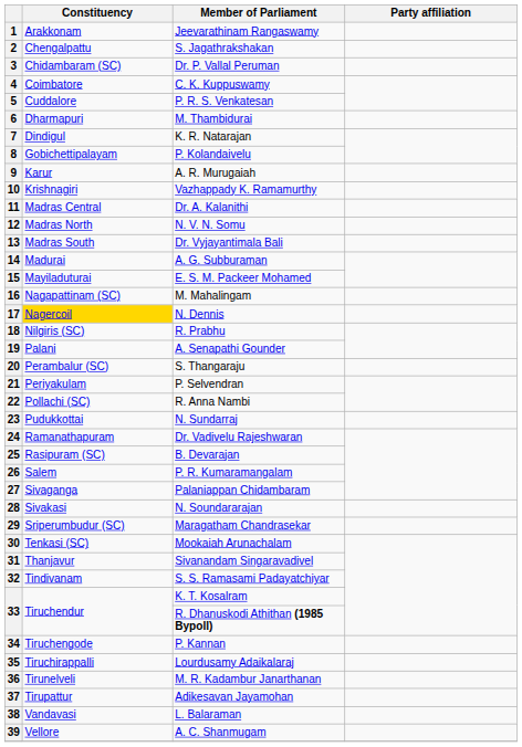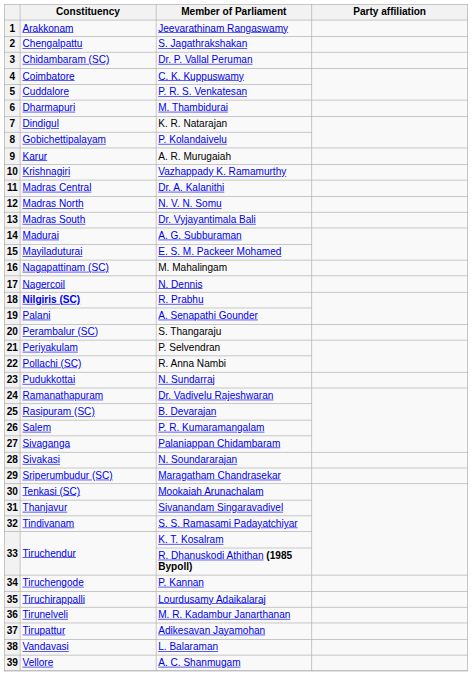 <table class="wikitable sortable">
 <tr style="text-align:center;">
 <th></th>
 <th style="width:13em">Constituency</th>
 <th style="width:15em">Member of Parliament</th>
 <th colspan="2" style="width:15em">Party affiliation</th>
 </tr>
 <tr>
 <th>1</th>
 <td><a href='#'>Arakkonam</a></td>
 <td><a href='#'>Jeevarathinam Rangaswamy</a></td>
 <td></td>
 </tr>
 <tr>
 <th>2</th>
 <td><a href='#'>Chengalpattu</a></td>
 <td><a href='#'>S. Jagathrakshakan</a></td>
 <td></td>
 </tr>
 <tr>
 <th>3</th>
 <td><a href='#'>Chidambaram (SC)</a></td>
 <td><a href='#'>Dr. P. Vallal Peruman</a></td>
 <td></td>
 </tr>
 <tr>
 <th>4</th>
 <td><a href='#'>Coimbatore</a></td>
 <td><a href='#'>C. K. Kuppuswamy</a></td>
 </tr>
 <tr>
 <th>5</th>
 <td><a href='#'>Cuddalore</a></td>
 <td><a href='#'>P. R. S. Venkatesan</a></td>
 </tr>
 <tr>
 <th>6</th>
 <td><a href='#'>Dharmapuri</a></td>
 <td><a href='#'>M. Thambidurai</a></td>
 <td></td>
 </tr>
 <tr>
 <th>7</th>
 <td><a href='#'>Dindigul</a></td>
 <td>K. R. Natarajan</td>
 </tr>
 <tr>
 <th>8</th>
 <td><a href='#'>Gobichettipalayam</a></td>
 <td><a href='#'>P. Kolandaivelu</a></td>
 </tr>
 <tr>
 <th>9</th>
 <td><a href='#'>Karur</a></td>
 <td>A. R. Murugaiah</td>
 <td></td>
 </tr>
 <tr>
 <th>10</th>
 <td><a href='#'>Krishnagiri</a></td>
 <td><a href='#'>Vazhappady K. Ramamurthy</a></td>
 </tr>
 <tr>
 <th>11</th>
 <td><a href='#'>Madras Central</a></td>
 <td><a href='#'>Dr. A. Kalanithi</a></td>
 <td></td>
 </tr>
 <tr>
 <th>12</th>
 <td><a href='#'>Madras North</a></td>
 <td><a href='#'>N. V. N. Somu</a></td>
 </tr>
 <tr>
 <th>13</th>
 <td><a href='#'>Madras South</a></td>
 <td><a href='#'>Dr. Vyjayantimala Bali</a></td>
 <td></td>
 </tr>
 <tr>
 <th>14</th>
 <td><a href='#'>Madurai</a></td>
 <td><a href='#'>A. G. Subburaman</a></td>
 </tr>
 <tr>
 <th>15</th>
 <td><a href='#'>Mayiladuturai</a></td>
 <td><a href='#'>E. S. M. Packeer Mohamed</a></td>
 </tr>
 <tr>
 <th>16</th>
 <td><a href='#'>Nagapattinam (SC)</a></td>
 <td>M. Mahalingam</td>
 <td></td>
 </tr>
 <tr>
 <th>17</th>
-<td style="background: gold;"><a href='#'>Nagercoil</a></td>
+<td><a href='#'>Nagercoil</a></td>
 <td><a href='#'>N. Dennis</a></td>
 <td></td>
 </tr>
 <tr>
 <th>18</th>
-<td><a href='#'>Nilgiris (SC)</a></td>
+<td><strong><a href='#'>Nilgiris (SC)</a></strong></td>
 <td><a href='#'>R. Prabhu</a></td>
 </tr>
 <tr>
 <th>19</th>
 <td><a href='#'>Palani</a></td>
 <td><a href='#'>A. Senapathi Gounder</a></td>
 </tr>
 <tr>
 <th>20</th>
 <td><a href='#'>Perambalur (SC)</a></td>
 <td>S. Thangaraju</td>
 <td></td>
 </tr>
 <tr>
 <th>21</th>
 <td><a href='#'>Periyakulam</a></td>
 <td>P. Selvendran</td>
 </tr>
 <tr>
 <th>22</th>
 <td><a href='#'>Pollachi (SC)</a></td>
 <td>R. Anna Nambi</td>
 </tr>
 <tr>
 <th>23</th>
 <td><a href='#'>Pudukkottai</a></td>
 <td><a href='#'>N. Sundarraj</a></td>
 <td></td>
 </tr>
 <tr>
 <th>24</th>
 <td><a href='#'>Ramanathapuram</a></td>
 <td><a href='#'>Dr. Vadivelu Rajeshwaran</a></td>
 </tr>
 <tr>
 <th>25</th>
 <td><a href='#'>Rasipuram (SC)</a></td>
 <td><a href='#'>B. Devarajan</a></td>
 </tr>
 <tr>
 <th>26</th>
 <td><a href='#'>Salem</a></td>
 <td><a href='#'>P. R. Kumaramangalam</a></td>
 </tr>
 <tr>
 <th>27</th>
 <td><a href='#'>Sivaganga</a></td>
 <td><a href='#'>Palaniappan Chidambaram</a></td>
 </tr>
 <tr>
 <th>28</th>
 <td><a href='#'>Sivakasi</a></td>
 <td><a href='#'>N. Soundararajan</a></td>
 <td></td>
 </tr>
 <tr>
 <th>29</th>
 <td><a href='#'>Sriperumbudur (SC)</a></td>
 <td><a href='#'>Maragatham Chandrasekar</a></td>
 <td></td>
 </tr>
 <tr>
 <th>30</th>
 <td><a href='#'>Tenkasi (SC)</a></td>
 <td><a href='#'>Mookaiah Arunachalam</a></td>
 </tr>
 <tr>
 <th>31</th>
 <td><a href='#'>Thanjavur</a></td>
 <td><a href='#'>Sivanandam Singaravadivel</a></td>
 </tr>
 <tr>
 <th>32</th>
 <td><a href='#'>Tindivanam</a></td>
 <td><a href='#'>S. S. Ramasami Padayatchiyar</a></td>
 </tr>
 <tr>
 <th rowspan=2>33</th>
 <td rowspan=2><a href='#'>Tiruchendur</a></td>
 <td><a href='#'>K. T. Kosalram</a></td>
 </tr>
 <tr>
 <td><a href='#'>R. Dhanuskodi Athithan</a> <strong>(1985 Bypoll)</strong></td>
 </tr>
 <tr>
 <th>34</th>
 <td><a href='#'>Tiruchengode</a></td>
 <td><a href='#'>P. Kannan</a></td>
 <td></td>
 </tr>
 <tr>
 <th>35</th>
 <td><a href='#'>Tiruchirappalli</a></td>
 <td><a href='#'>Lourdusamy Adaikalaraj</a></td>
 <td></td>
 </tr>
 <tr>
 <th>36</th>
 <td><a href='#'>Tirunelveli</a></td>
 <td><a href='#'>M. R. Kadambur Janarthanan</a></td>
 <td></td>
 </tr>
 <tr>
 <th>37</th>
 <td><a href='#'>Tirupattur</a></td>
 <td><a href='#'>Adikesavan Jayamohan</a></td>
 <td></td>
 </tr>
 <tr>
 <th>38</th>
 <td><a href='#'>Vandavasi</a></td>
 <td><a href='#'>L. Balaraman</a></td>
 </tr>
 <tr>
 <th>39</th>
 <td><a href='#'>Vellore</a></td>
 <td><a href='#'>A. C. Shanmugam</a></td>
 <td></td>
 </tr>
 <tr>
 </tr>
 </table>
